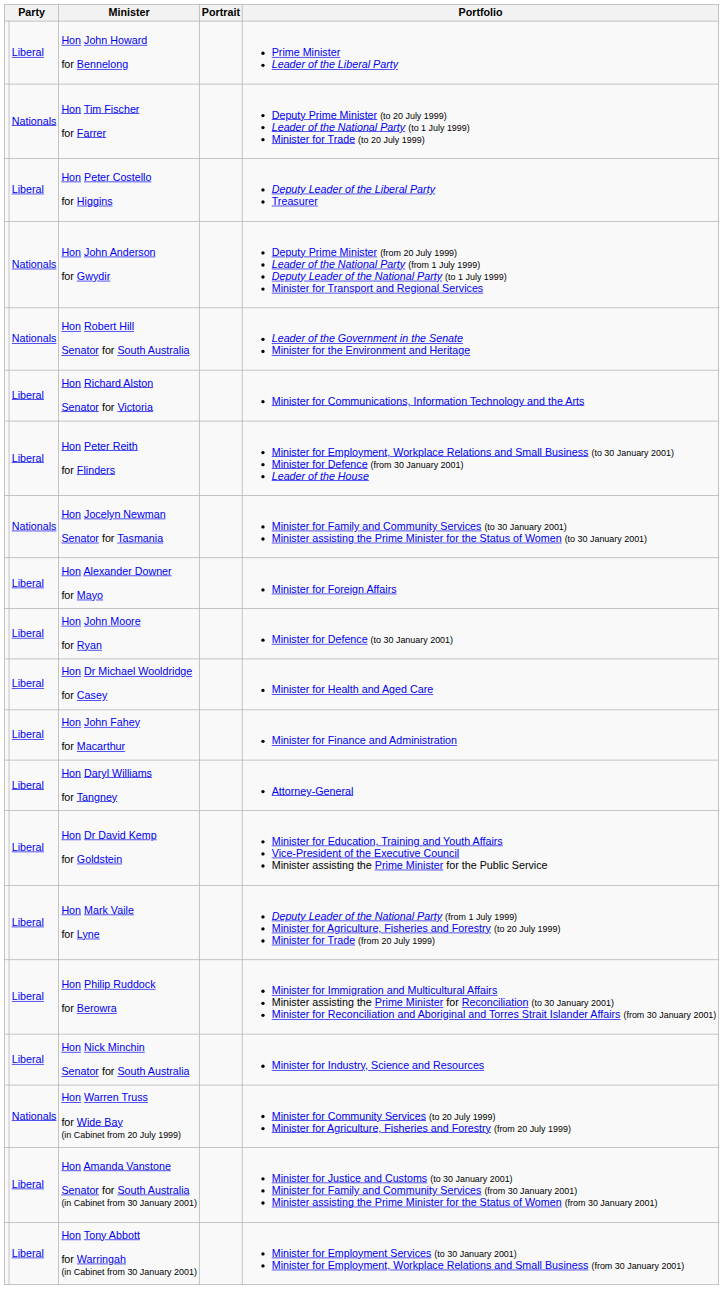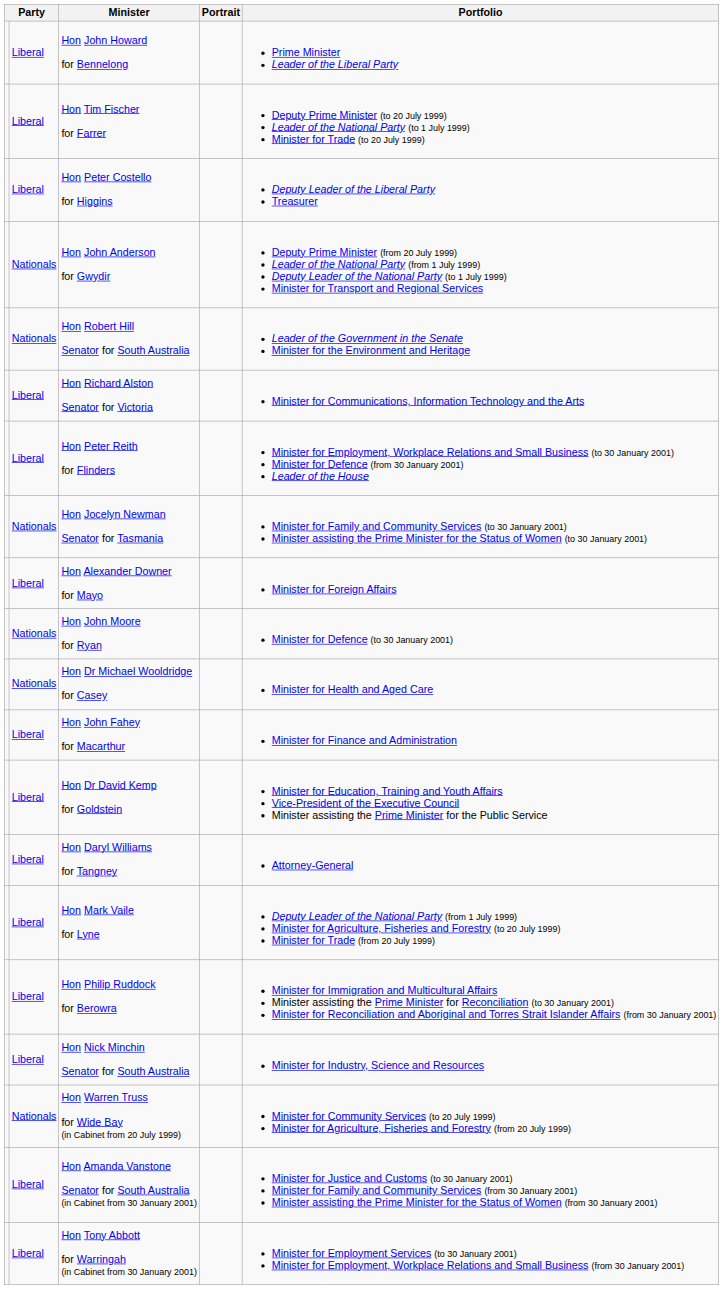 <table class="wikitable sortable">
 <tr>
 <th colspan="2">Party</th>
 <th>Minister</th>
 <th>Portrait</th>
 <th>Portfolio</th>
 </tr>
 <tr>
 <td></td>
 <td><a href='#'>Liberal</a></td>
 <td><a href='#'>Hon</a> <a href='#'>John Howard</a> <br><br> for <a href='#'>Bennelong</a> <br></td>
 <td></td>
 <td><br><ul><li><a href='#'>Prime Minister</a></li><li><em><a href='#'>Leader of the Liberal Party</a></em></li></ul></td>
 </tr>
 <tr>
 <td></td>
-<td><a href='#'>Nationals</a></td>
+<td><a href='#'>Liberal</a></td>
 <td><a href='#'>Hon</a> <a href='#'>Tim Fischer</a> <br><br> for <a href='#'>Farrer</a> <br></td>
 <td></td>
 <td><br><ul><li><a href='#'>Deputy Prime Minister</a> <small>(to 20 July 1999)</small></li><li><em><a href='#'>Leader of the National Party</a></em> <small>(to 1 July 1999)</small></li><li><a href='#'>Minister for Trade</a> <small>(to 20 July 1999)</small></li></ul></td>
 </tr>
 <tr>
 <td></td>
 <td><a href='#'>Liberal</a></td>
 <td><a href='#'>Hon</a> <a href='#'>Peter Costello</a> <br><br> for <a href='#'>Higgins</a> <br></td>
 <td></td>
 <td><br><ul><li><em><a href='#'>Deputy Leader of the Liberal Party</a></em></li><li><a href='#'>Treasurer</a></li></ul></td>
 </tr>
 <tr>
 <td></td>
 <td><a href='#'>Nationals</a></td>
 <td><a href='#'>Hon</a> <a href='#'>John Anderson</a> <br><br> for <a href='#'>Gwydir</a> <br></td>
 <td></td>
 <td><br><ul><li><a href='#'>Deputy Prime Minister</a> <small>(from 20 July 1999)</small></li><li><em><a href='#'>Leader of the National Party</a></em> <small>(from 1 July 1999)</small></li><li><em><a href='#'>Deputy Leader of the National Party</a></em> <small>(to 1 July 1999)</small></li><li><a href='#'>Minister for Transport and Regional Services</a></li></ul></td>
 </tr>
 <tr>
 <td></td>
 <td><a href='#'>Nationals</a></td>
 <td><a href='#'>Hon</a> <a href='#'>Robert Hill</a> <br><br><a href='#'>Senator</a> for <a href='#'>South Australia</a> <br></td>
 <td></td>
 <td><br><ul><li><em><a href='#'>Leader of the Government in the Senate</a></em></li><li><a href='#'>Minister for the Environment and Heritage</a></li></ul></td>
 </tr>
 <tr>
 <td></td>
 <td><a href='#'>Liberal</a></td>
 <td><a href='#'>Hon</a> <a href='#'>Richard Alston</a> <br><br><a href='#'>Senator</a> for <a href='#'>Victoria</a> <br></td>
 <td></td>
 <td><br><ul><li><a href='#'>Minister for Communications, Information Technology and the Arts</a></li></ul></td>
 </tr>
 <tr>
 <td></td>
 <td><a href='#'>Liberal</a></td>
 <td><a href='#'>Hon</a> <a href='#'>Peter Reith</a> <br><br> for <a href='#'>Flinders</a> <br></td>
 <td></td>
 <td><br><ul><li><a href='#'>Minister for Employment, Workplace Relations and Small Business</a> <small>(to 30 January 2001)</small></li><li><a href='#'>Minister for Defence</a> <small>(from 30 January 2001)</small></li><li><em><a href='#'>Leader of the House</a></em></li></ul></td>
 </tr>
 <tr>
 <td></td>
 <td><a href='#'>Nationals</a></td>
 <td><a href='#'>Hon</a> <a href='#'>Jocelyn Newman</a> <br><br><a href='#'>Senator</a> for <a href='#'>Tasmania</a> <br></td>
 <td></td>
 <td><br><ul><li><a href='#'>Minister for Family and Community Services</a> <small>(to 30 January 2001)</small></li><li><a href='#'>Minister assisting the Prime Minister for the Status of Women</a> <small>(to 30 January 2001)</small></li></ul></td>
 </tr>
 <tr>
 <td></td>
 <td><a href='#'>Liberal</a></td>
 <td><a href='#'>Hon</a> <a href='#'>Alexander Downer</a> <br><br> for <a href='#'>Mayo</a> <br></td>
 <td></td>
 <td><br><ul><li><a href='#'>Minister for Foreign Affairs</a></li></ul></td>
 </tr>
 <tr>
 <td></td>
-<td><a href='#'>Liberal</a></td>
+<td><a href='#'>Nationals</a></td>
 <td><a href='#'>Hon</a> <a href='#'>John Moore</a> <br><br> for <a href='#'>Ryan</a> <br></td>
 <td></td>
 <td><br><ul><li><a href='#'>Minister for Defence</a> <small>(to 30 January 2001)</small></li></ul></td>
 </tr>
 <tr>
 <td></td>
-<td><a href='#'>Liberal</a></td>
+<td><a href='#'>Nationals</a></td>
 <td><a href='#'>Hon</a> <a href='#'>Dr Michael Wooldridge</a> <br><br> for <a href='#'>Casey</a> <br></td>
 <td></td>
 <td><br><ul><li><a href='#'>Minister for Health and Aged Care</a></li></ul></td>
 </tr>
 <tr>
 <td></td>
 <td><a href='#'>Liberal</a></td>
 <td><a href='#'>Hon</a> <a href='#'>John Fahey</a> <br><br> for <a href='#'>Macarthur</a> <br></td>
 <td></td>
 <td><br><ul><li><a href='#'>Minister for Finance and Administration</a></li></ul></td>
 </tr>
 <tr>
 <td></td>
 <td><a href='#'>Liberal</a></td>
-<td><a href='#'>Hon</a> <a href='#'>Daryl Williams</a>  <br><br> for <a href='#'>Tangney</a> <br></td>
+<td><a href='#'>Hon</a> <a href='#'>Dr David Kemp</a> <br><br> for <a href='#'>Goldstein</a> <br></td>
 <td></td>
-<td><br><ul><li><a href='#'>Attorney-General</a></li></ul></td>
+<td><br><ul><li><a href='#'>Minister for Education, Training and Youth Affairs</a></li><li><a href='#'>Vice-President of the Executive Council</a></li><li>Minister assisting the <a href='#'>Prime Minister</a> for the Public Service</li></ul></td>
 </tr>
 <tr>
 <td></td>
 <td><a href='#'>Liberal</a></td>
-<td><a href='#'>Hon</a> <a href='#'>Dr David Kemp</a> <br><br> for <a href='#'>Goldstein</a> <br></td>
+<td><a href='#'>Hon</a> <a href='#'>Daryl Williams</a>  <br><br> for <a href='#'>Tangney</a> <br></td>
 <td></td>
-<td><br><ul><li><a href='#'>Minister for Education, Training and Youth Affairs</a></li><li><a href='#'>Vice-President of the Executive Council</a></li><li>Minister assisting the <a href='#'>Prime Minister</a> for the Public Service</li></ul></td>
+<td><br><ul><li><a href='#'>Attorney-General</a></li></ul></td>
 </tr>
 <tr>
 <td></td>
 <td><a href='#'>Liberal</a></td>
 <td><a href='#'>Hon</a> <a href='#'>Mark Vaile</a> <br><br> for <a href='#'>Lyne</a> <br></td>
 <td></td>
 <td><br><ul><li><em><a href='#'>Deputy Leader of the National Party</a></em> <small>(from 1 July 1999)</small></li><li><a href='#'>Minister for Agriculture, Fisheries and Forestry</a> <small>(to 20 July 1999)</small></li><li><a href='#'>Minister for Trade</a> <small>(from 20 July 1999)</small></li></ul></td>
 </tr>
 <tr>
 <td></td>
 <td><a href='#'>Liberal</a></td>
 <td><a href='#'>Hon</a> <a href='#'>Philip Ruddock</a> <br><br> for <a href='#'>Berowra</a> <br></td>
 <td></td>
 <td><br><ul><li><a href='#'>Minister for Immigration and Multicultural Affairs</a></li><li>Minister assisting the <a href='#'>Prime Minister</a> for <a href='#'>Reconciliation</a> <small>(to 30 January 2001)</small></li><li><a href='#'>Minister for Reconciliation and Aboriginal and Torres Strait Islander Affairs</a> <small>(from 30 January 2001)</small></li></ul></td>
 </tr>
 <tr>
 <td></td>
 <td><a href='#'>Liberal</a></td>
 <td><a href='#'>Hon</a> <a href='#'>Nick Minchin</a> <br><br><a href='#'>Senator</a> for <a href='#'>South Australia</a> <br></td>
 <td></td>
 <td><br><ul><li><a href='#'>Minister for Industry, Science and Resources</a></li></ul></td>
 </tr>
 <tr>
 <td></td>
 <td><a href='#'>Nationals</a></td>
 <td><a href='#'>Hon</a> <a href='#'>Warren Truss</a> <br><br> for <a href='#'>Wide Bay</a> <br> <small>(in Cabinet from 20 July 1999)</small></td>
 <td></td>
 <td><br><ul><li><a href='#'>Minister for Community Services</a> <small>(to 20 July 1999)</small></li><li><a href='#'>Minister for Agriculture, Fisheries and Forestry</a> <small>(from 20 July 1999)</small></li></ul></td>
 </tr>
 <tr>
 <td></td>
 <td><a href='#'>Liberal</a></td>
 <td><a href='#'>Hon</a> <a href='#'>Amanda Vanstone</a> <br><br><a href='#'>Senator</a> for <a href='#'>South Australia</a> <br> <small>(in Cabinet from 30 January 2001)</small></td>
 <td></td>
 <td><br><ul><li><a href='#'>Minister for Justice and Customs</a> <small>(to 30 January 2001)</small></li><li><a href='#'>Minister for Family and Community Services</a> <small>(from 30 January 2001)</small></li><li><a href='#'>Minister assisting the Prime Minister for the Status of Women</a> <small>(from 30 January 2001)</small></li></ul></td>
 </tr>
 <tr>
 <td></td>
 <td><a href='#'>Liberal</a></td>
 <td><a href='#'>Hon</a> <a href='#'>Tony Abbott</a> <br><br> for <a href='#'>Warringah</a> <br> <small>(in Cabinet from 30 January 2001)</small></td>
 <td></td>
 <td><br><ul><li><a href='#'>Minister for Employment Services</a> <small>(to 30 January 2001)</small></li><li><a href='#'>Minister for Employment, Workplace Relations and Small Business</a> <small>(from 30 January 2001)</small></li></ul></td>
 </tr>
 </table>
